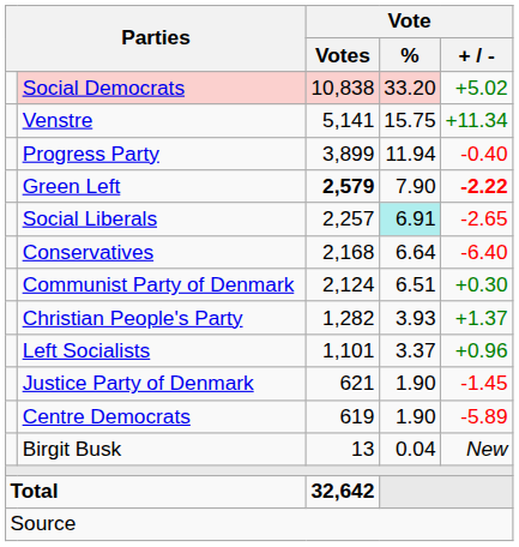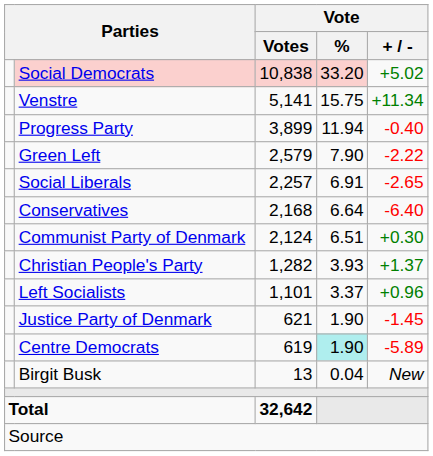 <table class="wikitable" style="text-align:right;">
 <tr>
 <th style="text-align:centre;" rowspan="2" colspan="2" width="225">Parties</th>
 <th colspan="3">Vote</th>
 </tr>
 <tr>
 <th width="15">Votes</th>
 <th width="15">%</th>
 <th width="15">+ / -</th>
 </tr>
 <tr>
 <td width="2" style="color:inherit;background:"></td>
 <td bgcolor=#fbd0ce  align="left"><a href='#'>Social Democrats</a></td>
 <td bgcolor=#fbd0ce>10,838</td>
 <td bgcolor=#fbd0ce>33.20</td>
 <td style=color:green;>+5.02</td>
 </tr>
 <tr>
 <td width="2" style="color:inherit;background:"></td>
 <td align="left"><a href='#'>Venstre</a></td>
 <td>5,141</td>
 <td>15.75</td>
 <td style=color:green;>+11.34</td>
 </tr>
 <tr>
 <td width="2" style="color:inherit;background:"></td>
 <td align="left"><a href='#'>Progress Party</a></td>
 <td>3,899</td>
 <td>11.94</td>
 <td style=color:red;>-0.40</td>
 </tr>
 <tr>
 <td width="2" style="color:inherit;background:"></td>
 <td align="left"><a href='#'>Green Left</a></td>
-<td><strong>2,579</strong></td>
+<td>2,579</td>
 <td>7.90</td>
-<td style=color:red;><strong>-2.22</strong></td>
+<td style=color:red;>-2.22</td>
 </tr>
 <tr>
 <td width="2" style="color:inherit;background:"></td>
 <td align="left"><a href='#'>Social Liberals</a></td>
 <td>2,257</td>
-<td style="background: paleturquoise;">6.91</td>
+<td>6.91</td>
 <td style=color:red;>-2.65</td>
 </tr>
 <tr>
 <td width="2" style="color:inherit;background:"></td>
 <td align="left"><a href='#'>Conservatives</a></td>
 <td>2,168</td>
 <td>6.64</td>
 <td style=color:red;>-6.40</td>
 </tr>
 <tr>
 <td width="2" style="color:inherit;background:"></td>
 <td align="left"><a href='#'>Communist Party of Denmark</a></td>
 <td>2,124</td>
 <td>6.51</td>
 <td style=color:green;>+0.30</td>
 </tr>
 <tr>
 <td width="2" style="color:inherit;background:"></td>
 <td align="left"><a href='#'>Christian People's Party</a></td>
 <td>1,282</td>
 <td>3.93</td>
 <td style=color:green;>+1.37</td>
 </tr>
 <tr>
 <td width="2" style="color:inherit;background:"></td>
 <td align="left"><a href='#'>Left Socialists</a></td>
 <td>1,101</td>
 <td>3.37</td>
 <td style=color:green;>+0.96</td>
 </tr>
 <tr>
 <td width="2" style="color:inherit;background:"></td>
 <td align="left"><a href='#'>Justice Party of Denmark</a></td>
 <td>621</td>
 <td>1.90</td>
 <td style=color:red;>-1.45</td>
 </tr>
 <tr>
 <td width="2" style="color:inherit;background:"></td>
 <td align="left"><a href='#'>Centre Democrats</a></td>
 <td>619</td>
-<td>1.90</td>
+<td style="background: paleturquoise;">1.90</td>
 <td style=color:red;>-5.89</td>
 </tr>
 <tr>
 <td width="2" style="color:inherit;background:"></td>
 <td align="left">Birgit Busk</td>
 <td>13</td>
 <td>0.04</td>
 <td><em>New</em></td>
 </tr>
 <tr>
 <td colspan="7" bgcolor="#E9E9E9"></td>
 </tr>
 <tr>
 <td align="left" colspan="2"><strong>Total</strong></td>
 <td><strong>32,642</strong></td>
 <td bgcolor="#E9E9E9" colspan="2"></td>
 </tr>
 <tr>
 <td align="left" colspan="6">Source</td>
 </tr>
 </table>
